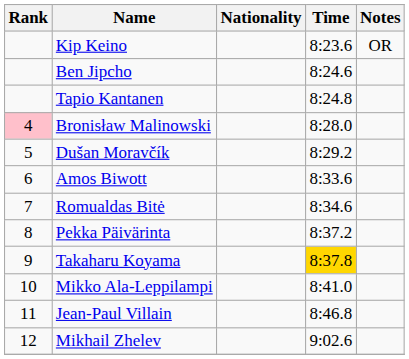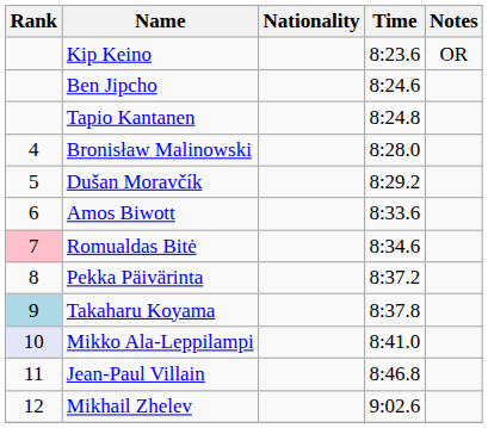 <table class="wikitable sortable" style="text-align:center">
 <tr>
 <th>Rank</th>
 <th>Name</th>
 <th>Nationality</th>
 <th>Time</th>
 <th>Notes</th>
 </tr>
 <tr>
 <td></td>
 <td align=left><a href='#'>Kip Keino</a></td>
 <td align=left></td>
 <td>8:23.6</td>
 <td>OR</td>
 </tr>
 <tr>
 <td></td>
 <td align=left><a href='#'>Ben Jipcho</a></td>
 <td align=left></td>
 <td>8:24.6</td>
 <td></td>
 </tr>
 <tr>
 <td></td>
 <td align=left><a href='#'>Tapio Kantanen</a></td>
 <td align=left></td>
 <td>8:24.8</td>
 <td></td>
 </tr>
 <tr>
-<td style="background: pink;">4</td>
+<td>4</td>
 <td align=left><a href='#'>Bronisław Malinowski</a></td>
 <td align=left></td>
 <td>8:28.0</td>
 <td></td>
 </tr>
 <tr>
 <td>5</td>
 <td align=left><a href='#'>Dušan Moravčík</a></td>
 <td align=left></td>
 <td>8:29.2</td>
 <td></td>
 </tr>
 <tr>
 <td>6</td>
 <td align=left><a href='#'>Amos Biwott</a></td>
 <td align=left></td>
 <td>8:33.6</td>
 <td></td>
 </tr>
 <tr>
-<td>7</td>
+<td style="background: pink;">7</td>
 <td align=left><a href='#'>Romualdas Bitė</a></td>
 <td align=left></td>
 <td>8:34.6</td>
 <td></td>
 </tr>
 <tr>
 <td>8</td>
 <td align=left><a href='#'>Pekka Päivärinta</a></td>
 <td align=left></td>
 <td>8:37.2</td>
 <td></td>
 </tr>
 <tr>
-<td>9</td>
+<td style="background: lightblue;">9</td>
 <td align=left><a href='#'>Takaharu Koyama</a></td>
 <td align=left></td>
-<td style="background: gold;">8:37.8</td>
+<td>8:37.8</td>
 <td></td>
 </tr>
 <tr>
-<td>10</td>
+<td style="background: lavender;">10</td>
 <td align=left><a href='#'>Mikko Ala-Leppilampi</a></td>
 <td align=left></td>
 <td>8:41.0</td>
 <td></td>
 </tr>
 <tr>
 <td>11</td>
 <td align=left><a href='#'>Jean-Paul Villain</a></td>
 <td align=left></td>
 <td>8:46.8</td>
 <td></td>
 </tr>
 <tr>
 <td>12</td>
 <td align=left><a href='#'>Mikhail Zhelev</a></td>
 <td align=left></td>
 <td>9:02.6</td>
 <td></td>
 </tr>
 <tr>
 </tr>
 </table>
